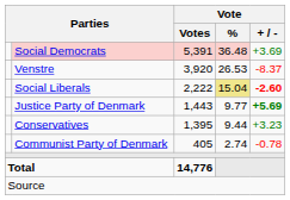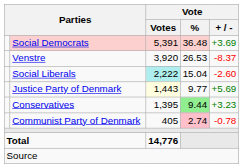 <table class="wikitable" style="text-align:right;">
 <tr>
 <th style="text-align:centre;" rowspan="2" colspan="2" width="225">Parties</th>
 <th colspan="3">Vote</th>
 </tr>
 <tr>
 <th width="15">Votes</th>
 <th width="15">%</th>
 <th width="15">+ / -</th>
 </tr>
 <tr>
 <td width="2" style="color:inherit;background:"></td>
 <td bgcolor=#fbd0ce  align="left"><a href='#'>Social Democrats</a></td>
 <td bgcolor=#fbd0ce>5,391</td>
 <td bgcolor=#fbd0ce>36.48</td>
 <td style=color:green;>+3.69</td>
 </tr>
 <tr>
 <td width="2" style="color:inherit;background:"></td>
 <td align="left"><a href='#'>Venstre</a></td>
 <td>3,920</td>
 <td>26.53</td>
 <td style=color:red;>-8.37</td>
 </tr>
 <tr>
 <td width="2" style="color:inherit;background:"></td>
 <td align="left"><a href='#'>Social Liberals</a></td>
-<td>2,222</td>
-<td style="background: khaki;">15.04</td>
-<td style=color:red;><strong>-2.60</strong></td>
+<td style="background: paleturquoise;">2,222</td>
+<td>15.04</td>
+<td style=color:red;>-2.60</td>
 </tr>
 <tr>
 <td width="2" style="color:inherit;background:"></td>
 <td align="left"><a href='#'>Justice Party of Denmark</a></td>
-<td>1,443</td>
+<td style="background: lightyellow;">1,443</td>
 <td>9.77</td>
-<td style=color:green;><strong>+5.69</strong></td>
+<td style=color:green;>+5.69</td>
 </tr>
 <tr>
 <td width="2" style="color:inherit;background:"></td>
 <td align="left"><a href='#'>Conservatives</a></td>
 <td>1,395</td>
-<td>9.44</td>
+<td style="background: lightgreen;">9.44</td>
 <td style=color:green;>+3.23</td>
 </tr>
 <tr>
 <td width="2" style="color:inherit;background:"></td>
 <td align="left"><a href='#'>Communist Party of Denmark</a></td>
 <td>405</td>
-<td>2.74</td>
+<td style="background: pink;">2.74</td>
 <td style=color:red;>-0.78</td>
 </tr>
 <tr>
 <td colspan="7" bgcolor="#E9E9E9"></td>
 </tr>
 <tr>
 <td align="left" colspan="2"><strong>Total</strong></td>
 <td><strong>14,776</strong></td>
 <td bgcolor="#E9E9E9" colspan="2"></td>
 </tr>
 <tr>
 <td align="left" colspan="6">Source</td>
 </tr>
 </table>
